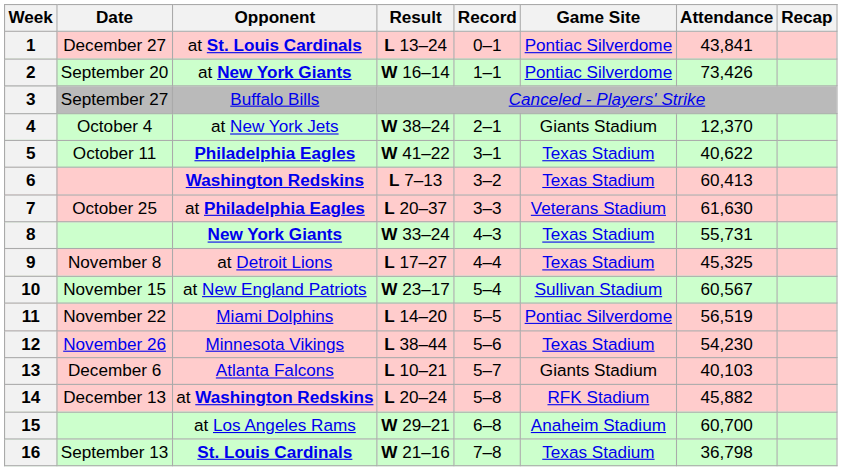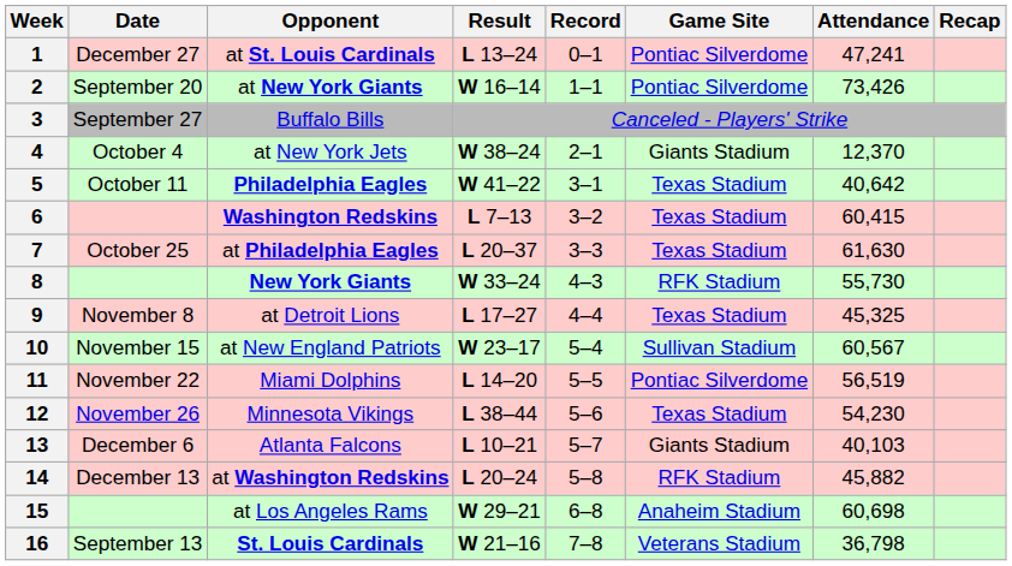 <table class="wikitable" style="text-align:center">
 <tr>
 <th>Week</th>
 <th>Date</th>
 <th>Opponent</th>
 <th>Result</th>
 <th>Record</th>
 <th>Game Site</th>
 <th>Attendance</th>
 <th>Recap</th>
 </tr>
 <tr style="background: #fcc">
 <th>1</th>
 <td>December 27</td>
 <td>at <strong><a href='#'>St. Louis Cardinals</a></strong></td>
 <td><strong>L</strong> 13–24</td>
 <td>0–1</td>
 <td><a href='#'>Pontiac Silverdome</a></td>
-<td>43,841</td>
+<td>47,241</td>
 <td></td>
 </tr>
 <tr style="background: #cfc">
 <th>2</th>
 <td>September 20</td>
 <td>at <strong><a href='#'>New York Giants</a></strong></td>
 <td><strong>W</strong> 16–14</td>
 <td>1–1</td>
 <td><a href='#'>Pontiac Silverdome</a></td>
 <td>73,426</td>
 <td></td>
 </tr>
 <tr style="background: #bababa">
 <th>3</th>
 <td>September 27</td>
 <td><a href='#'>Buffalo Bills</a></td>
 <td Colspan=5><em><a href='#'>Canceled - Players' Strike</a></em></td>
 </tr>
 <tr style="background: #cfc">
 <th>4</th>
 <td>October 4</td>
 <td>at <a href='#'>New York Jets</a></td>
 <td><strong>W</strong> 38–24</td>
 <td>2–1</td>
 <td>Giants Stadium</td>
 <td>12,370</td>
 <td></td>
 </tr>
 <tr style="background: #cfc">
 <th>5</th>
 <td>October 11</td>
 <td><strong><a href='#'>Philadelphia Eagles</a></strong></td>
 <td><strong>W</strong> 41–22</td>
 <td>3–1</td>
 <td><a href='#'>Texas Stadium</a></td>
-<td>40,622</td>
+<td>40,642</td>
 <td></td>
 </tr>
 <tr style="background: #fcc">
 <th>6</th>
 <td></td>
 <td><strong><a href='#'>Washington Redskins</a></strong></td>
 <td><strong>L</strong> 7–13</td>
 <td>3–2</td>
 <td><a href='#'>Texas Stadium</a></td>
-<td>60,413</td>
+<td>60,415</td>
 <td></td>
 </tr>
 <tr style="background: #fcc">
 <th>7</th>
 <td>October 25</td>
 <td>at <strong><a href='#'>Philadelphia Eagles</a></strong></td>
 <td><strong>L</strong> 20–37</td>
 <td>3–3</td>
-<td><a href='#'>Veterans Stadium</a></td>
+<td><a href='#'>Texas Stadium</a></td>
 <td>61,630</td>
 <td></td>
 </tr>
 <tr style="background: #cfc">
 <th>8</th>
 <td></td>
 <td><strong><a href='#'>New York Giants</a></strong></td>
 <td><strong>W</strong> 33–24</td>
 <td>4–3</td>
-<td><a href='#'>Texas Stadium</a></td>
-<td>55,731</td>
+<td><a href='#'>RFK Stadium</a></td>
+<td>55,730</td>
 <td></td>
 </tr>
 <tr style="background: #fcc">
 <th>9</th>
 <td>November 8</td>
 <td>at <a href='#'>Detroit Lions</a></td>
 <td><strong>L</strong> 17–27</td>
 <td>4–4</td>
 <td><a href='#'>Texas Stadium</a></td>
 <td>45,325</td>
 <td></td>
 </tr>
 <tr style="background: #cfc">
 <th>10</th>
 <td>November 15</td>
 <td>at <a href='#'>New England Patriots</a></td>
 <td><strong>W</strong> 23–17 </td>
 <td>5–4</td>
 <td><a href='#'>Sullivan Stadium</a></td>
 <td>60,567</td>
 <td></td>
 </tr>
 <tr style="background: #fcc">
 <th>11</th>
 <td>November 22</td>
 <td><a href='#'>Miami Dolphins</a></td>
 <td><strong>L</strong> 14–20</td>
 <td>5–5</td>
 <td><a href='#'>Pontiac Silverdome</a></td>
 <td>56,519</td>
 <td></td>
 </tr>
 <tr style="background: #fcc">
 <th>12</th>
 <td><a href='#'>November 26</a></td>
 <td><a href='#'>Minnesota Vikings</a></td>
 <td><strong>L</strong> 38–44 </td>
 <td>5–6</td>
 <td><a href='#'>Texas Stadium</a></td>
 <td>54,230</td>
 <td></td>
 </tr>
 <tr style="background: #fcc">
 <th>13</th>
 <td>December 6</td>
 <td><a href='#'>Atlanta Falcons</a></td>
 <td><strong>L</strong> 10–21</td>
 <td>5–7</td>
 <td>Giants Stadium</td>
 <td>40,103</td>
 <td></td>
 </tr>
 <tr style="background: #fcc">
 <th>14</th>
 <td>December 13</td>
 <td>at <strong><a href='#'>Washington Redskins</a></strong></td>
 <td><strong>L</strong> 20–24</td>
 <td>5–8</td>
 <td><a href='#'>RFK Stadium</a></td>
 <td>45,882</td>
 <td></td>
 </tr>
 <tr style="background: #cfc">
 <th>15</th>
 <td></td>
 <td>at <a href='#'>Los Angeles Rams</a></td>
 <td><strong>W</strong> 29–21</td>
 <td>6–8</td>
 <td><a href='#'>Anaheim Stadium</a></td>
-<td>60,700</td>
+<td>60,698</td>
 <td></td>
 </tr>
 <tr style="background: #cfc">
 <th>16</th>
 <td>September 13</td>
 <td><strong><a href='#'>St. Louis Cardinals</a></strong></td>
 <td><strong>W</strong> 21–16</td>
 <td>7–8</td>
-<td><a href='#'>Texas Stadium</a></td>
+<td><a href='#'>Veterans Stadium</a></td>
 <td>36,798</td>
 <td></td>
 </tr>
 </table>
